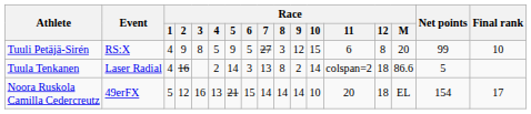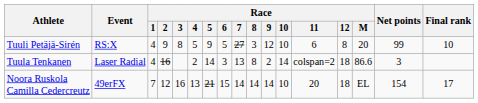 <table class="wikitable" style="font-size:90%">
 <tr>
 <th rowspan="2">Athlete</th>
 <th rowspan="2">Event</th>
 <th colspan=13>Race</th>
 <th rowspan=2>Net points</th>
 <th rowspan=2>Final rank</th>
 </tr>
 <tr style="font-size:95%">
 <th>1</th>
 <th>2</th>
 <th>3</th>
 <th>4</th>
 <th>5</th>
 <th>6</th>
 <th>7</th>
 <th>8</th>
 <th>9</th>
 <th>10</th>
 <th>11</th>
 <th>12</th>
 <th>M</th>
 </tr>
 <tr align=center>
 <td align=left><a href='#'>Tuuli Petäjä-Sirén</a></td>
 <td align=left><a href='#'>RS:X</a></td>
 <td>4</td>
 <td>9</td>
 <td>8</td>
 <td>5</td>
 <td>9</td>
 <td>5</td>
 <td><s>27</s></td>
 <td>3</td>
 <td>12</td>
-<td>15</td>
+<td>10</td>
 <td>6</td>
 <td>8</td>
 <td>20</td>
 <td>99</td>
 <td>10</td>
 </tr>
 <tr align=center>
 <td align=left><a href='#'>Tuula Tenkanen</a></td>
 <td align=left><a href='#'>Laser Radial</a></td>
 <td>4</td>
 <td><s>16</s></td>
 <td></td>
 <td>2</td>
 <td>14</td>
 <td>3</td>
 <td>13</td>
 <td>8</td>
 <td>2</td>
 <td>14</td>
 <td>colspan=2 </td>
 <td>18</td>
 <td>86.6</td>
-<td>5</td>
+<td>3</td>
 </tr>
 <tr align=center>
 <td align=left><a href='#'>Noora Ruskola</a><br><a href='#'>Camilla Cedercreutz</a></td>
 <td align=left><a href='#'>49erFX</a></td>
-<td>5</td>
+<td>7</td>
 <td>12</td>
 <td>16</td>
 <td>13</td>
 <td><s>21</s></td>
 <td>15</td>
 <td>14</td>
 <td>14</td>
 <td>14</td>
 <td>10</td>
 <td>20</td>
 <td>18</td>
 <td>EL</td>
 <td>154</td>
 <td>17</td>
 </tr>
 </table>
